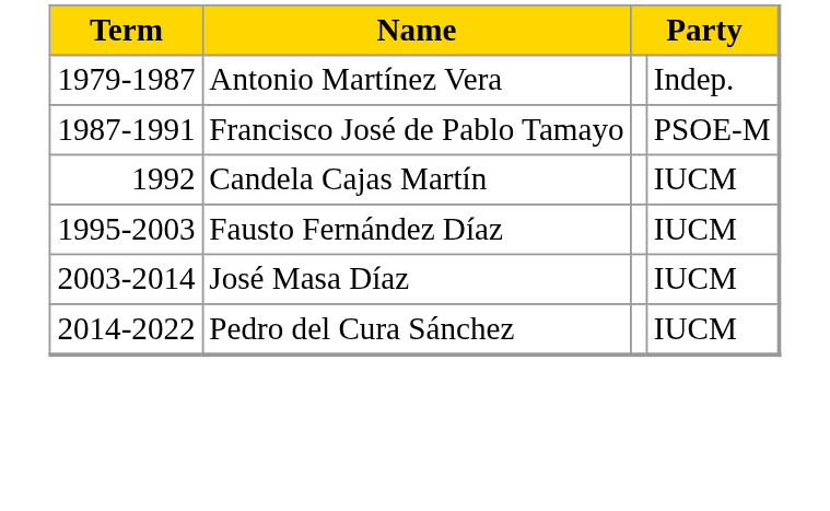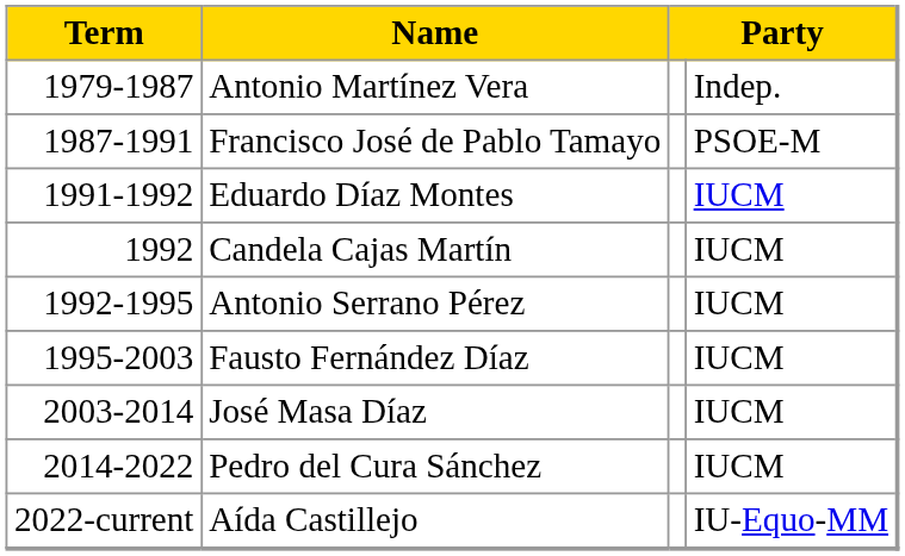 <table align="center" rules="all" cellspacing="0" cellpadding="3" style="border: 1px solid #999; border-right: 2px solid #999; border-bottom:2px solid #999">
 <tr>
 <th bgcolor="gold">Term</th>
 <th align="center" bgcolor="gold">Name</th>
 <th colspan="2" bgcolor="gold">Party</th>
 </tr>
 <tr>
 <td align="right">1979-1987</td>
 <td>Antonio Martínez Vera</td>
 <td width="1"></td>
 <td>Indep.</td>
 </tr>
 <tr>
 <td align="right">1987-1991</td>
 <td>Francisco José de Pablo Tamayo</td>
 <td width="1"></td>
 <td>PSOE-M</td>
 </tr>
 <tr>
+<td align="right">1991-1992</td>
+<td>Eduardo Díaz Montes</td>
+<td width="1"></td>
+<td><a href='#'>IUCM</a></td>
+</tr>
+<tr>
 <td align="right">1992</td>
 <td>Candela Cajas Martín</td>
+<td></td>
+<td>IUCM</td>
+</tr>
+<tr>
+<td align="right">1992-1995</td>
+<td>Antonio Serrano Pérez</td>
 <td></td>
 <td>IUCM</td>
 </tr>
 <tr>
 <td align="right">1995-2003</td>
 <td>Fausto Fernández Díaz</td>
 <td></td>
 <td>IUCM</td>
 </tr>
 <tr>
 <td align="right">2003-2014</td>
 <td>José Masa Díaz</td>
 <td></td>
 <td>IUCM</td>
 </tr>
 <tr>
 <td align="right">2014-2022</td>
 <td>Pedro del Cura Sánchez</td>
 <td></td>
 <td>IUCM</td>
 </tr>
 <tr>
+<td align="right">2022-current</td>
+<td>Aída Castillejo</td>
+<td></td>
+<td>IU-<a href='#'>Equo</a>-<a href='#'>MM</a></td>
+</tr>
+<tr>
 </tr>
 </table>
